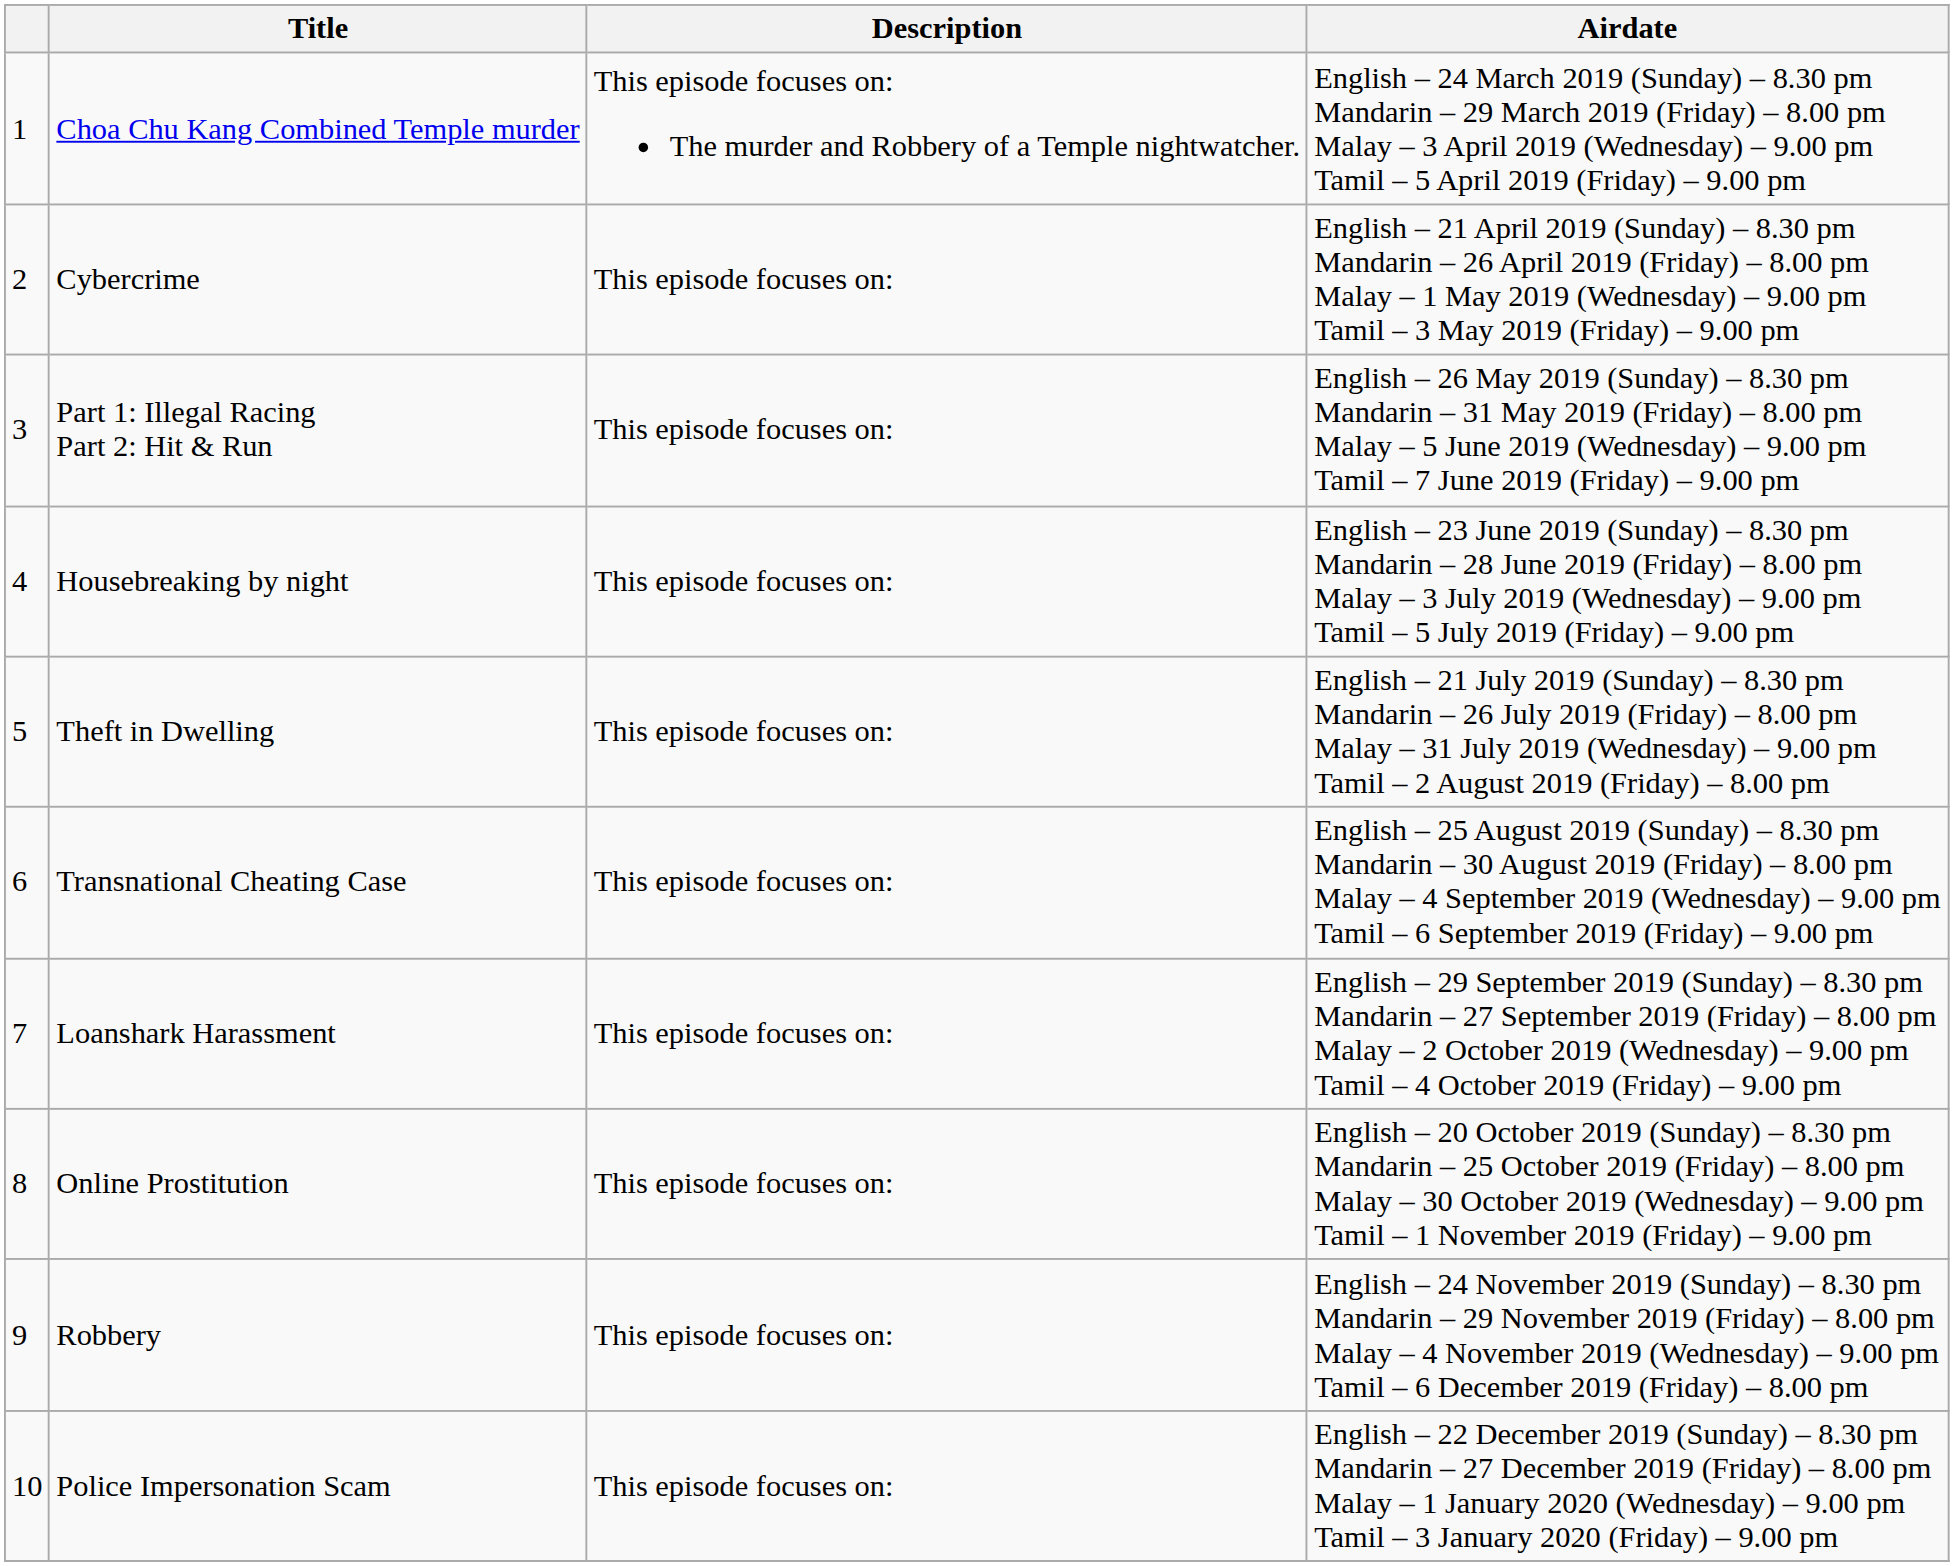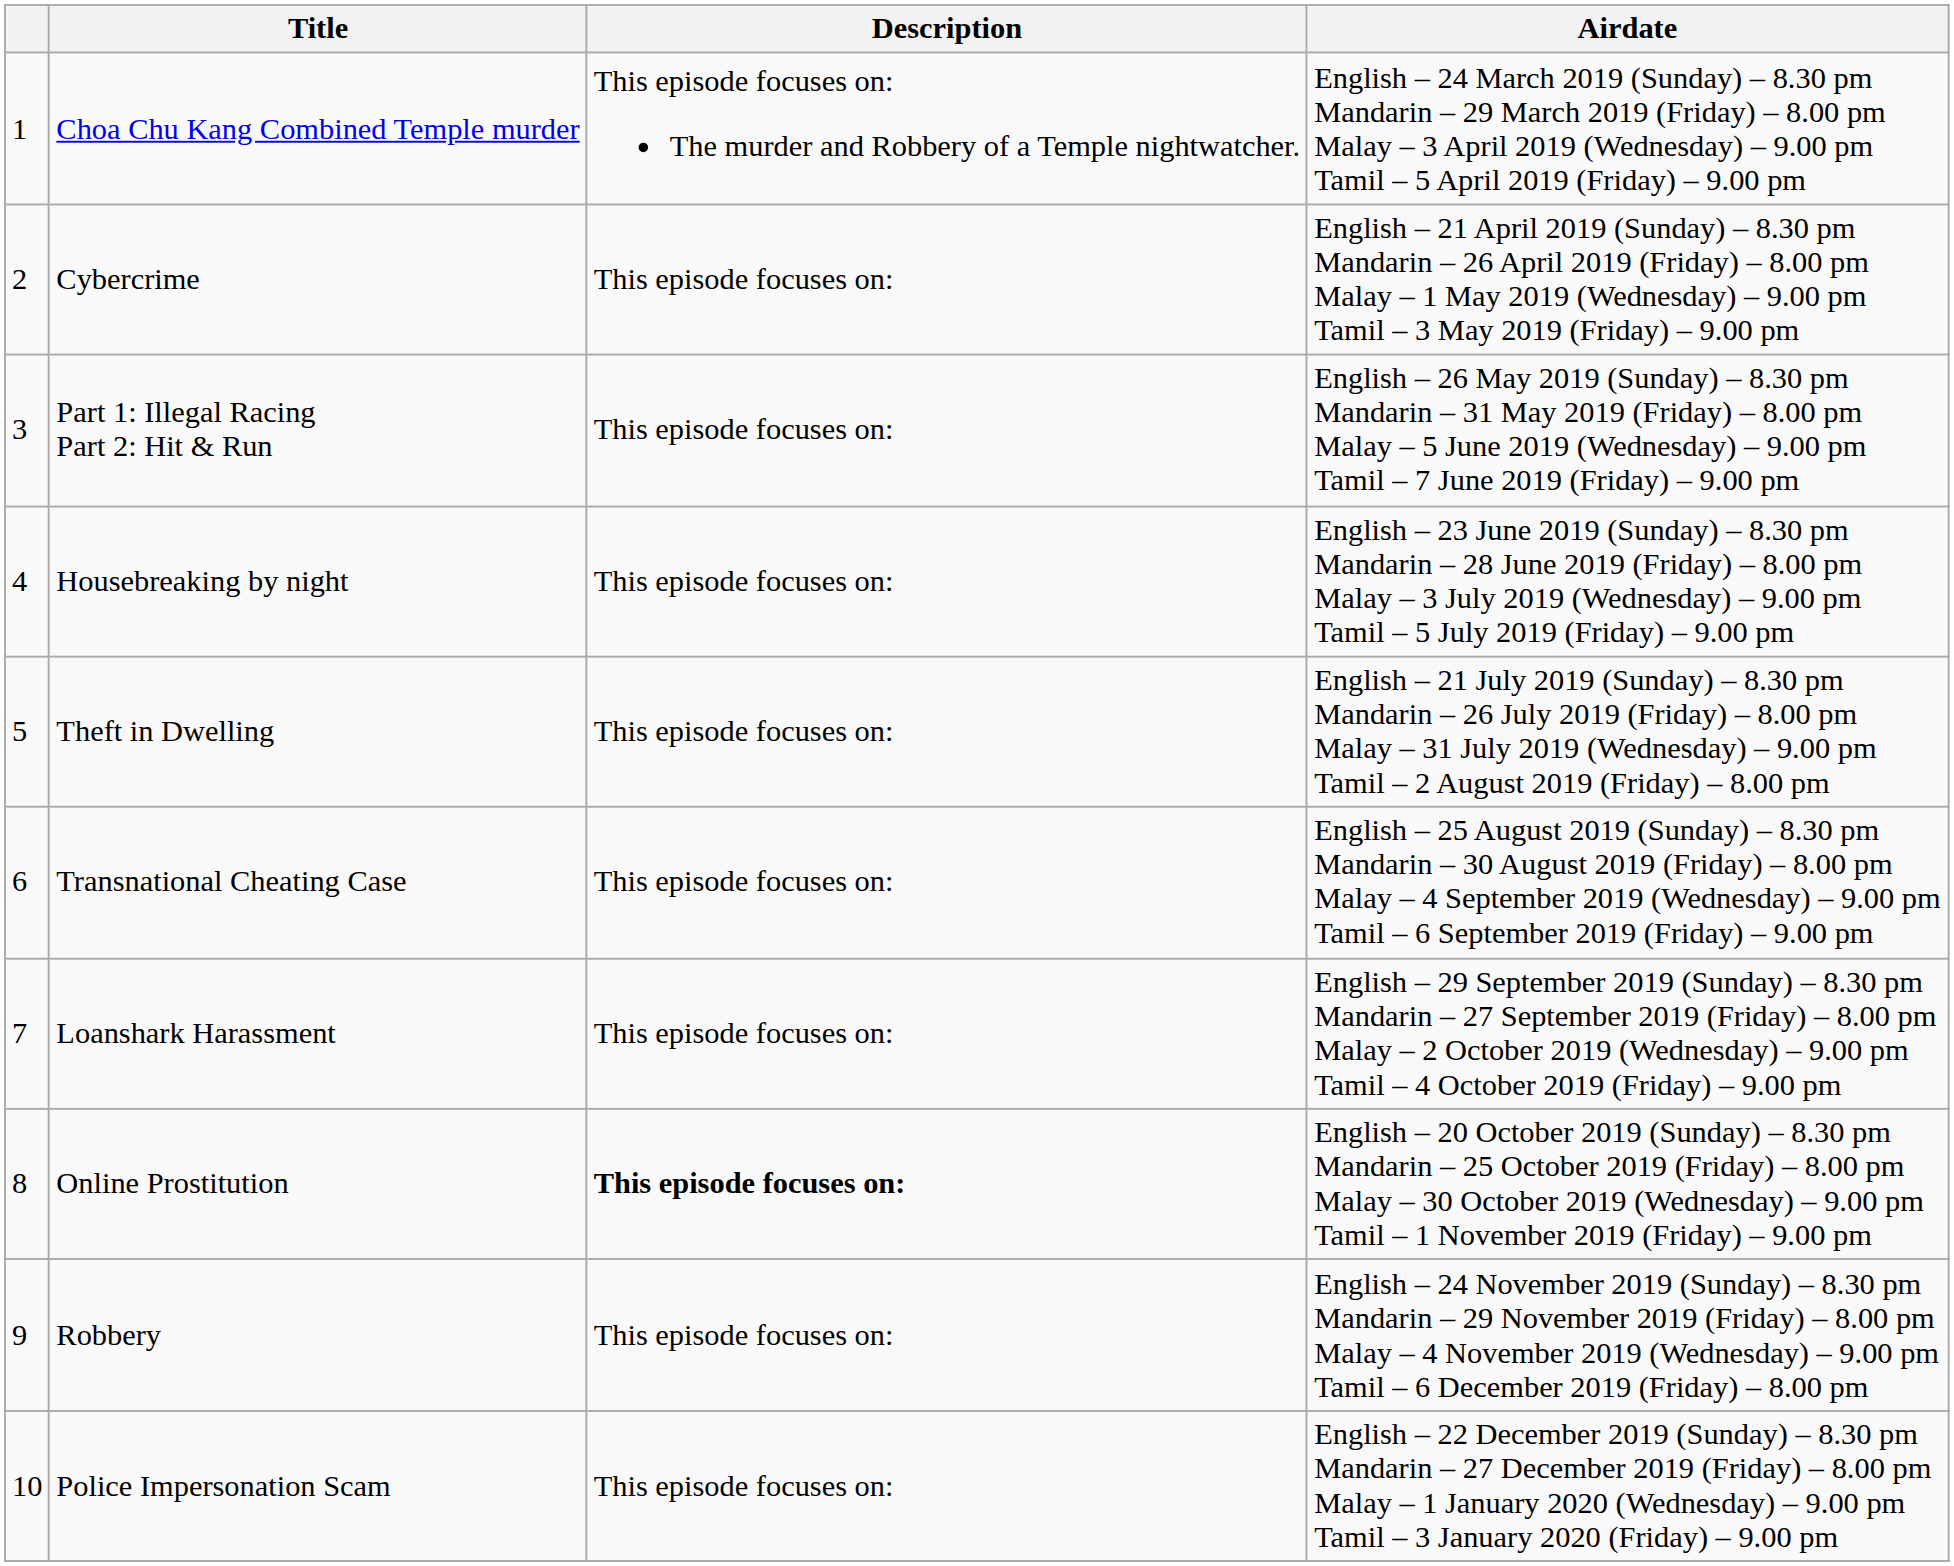 <table class="wikitable">
 <tr>
 <th></th>
 <th>Title</th>
 <th>Description</th>
 <th>Airdate</th>
 </tr>
 <tr To be confirmed>
 <td>1</td>
 <td><a href='#'>Choa Chu Kang Combined Temple murder</a></td>
 <td>This episode focuses on:<br><ul><li>The murder and Robbery of a Temple nightwatcher.</li></ul></td>
 <td>English – 24 March 2019 (Sunday) – 8.30 pm<br>Mandarin – 29 March 2019 (Friday) – 8.00 pm <br>Malay – 3 April 2019 (Wednesday) – 9.00 pm <br>Tamil – 5 April 2019 (Friday) – 9.00 pm</td>
 </tr>
 <tr>
 <td>2</td>
 <td>Cybercrime</td>
 <td>This episode focuses on:</td>
 <td>English – 21 April 2019 (Sunday) – 8.30 pm<br>Mandarin – 26 April 2019 (Friday) – 8.00 pm <br>Malay – 1 May 2019 (Wednesday) – 9.00 pm <br>Tamil – 3 May 2019 (Friday) – 9.00 pm</td>
 </tr>
 <tr>
 <td>3</td>
 <td>Part 1: Illegal Racing <br> Part 2: Hit & Run</td>
 <td>This episode focuses on:</td>
 <td>English – 26 May 2019 (Sunday) – 8.30 pm<br>Mandarin – 31 May 2019 (Friday) – 8.00 pm <br>Malay – 5 June 2019 (Wednesday) – 9.00 pm <br>Tamil – 7 June 2019 (Friday) – 9.00 pm</td>
 </tr>
 <tr>
 <td>4</td>
 <td>Housebreaking by night</td>
 <td>This episode focuses on:</td>
 <td>English – 23 June 2019 (Sunday) – 8.30 pm<br>Mandarin – 28 June 2019 (Friday) – 8.00 pm <br>Malay – 3 July 2019 (Wednesday) – 9.00 pm <br>Tamil – 5 July 2019 (Friday) – 9.00 pm</td>
 </tr>
 <tr>
 <td>5</td>
 <td>Theft in Dwelling</td>
 <td>This episode focuses on:</td>
 <td>English – 21 July 2019 (Sunday) – 8.30 pm<br>Mandarin – 26 July 2019 (Friday) – 8.00 pm <br>Malay – 31 July 2019 (Wednesday) – 9.00 pm <br>Tamil – 2 August 2019 (Friday) – 8.00 pm</td>
 </tr>
 <tr>
 <td>6</td>
 <td>Transnational Cheating Case</td>
 <td>This episode focuses on:</td>
 <td>English – 25 August 2019 (Sunday) – 8.30 pm<br>Mandarin – 30 August 2019 (Friday) – 8.00 pm <br>Malay – 4 September 2019 (Wednesday) – 9.00 pm <br>Tamil – 6 September 2019 (Friday) – 9.00 pm</td>
 </tr>
 <tr>
 <td>7</td>
 <td>Loanshark Harassment</td>
 <td>This episode focuses on:</td>
 <td>English – 29 September 2019 (Sunday) – 8.30 pm<br>Mandarin – 27 September 2019 (Friday) – 8.00 pm <br>Malay – 2 October 2019 (Wednesday) – 9.00 pm <br>Tamil – 4 October 2019 (Friday) – 9.00 pm</td>
 </tr>
 <tr>
 <td>8</td>
 <td>Online Prostitution</td>
-<td>This episode focuses on:</td>
+<td><strong>This episode focuses on:</strong></td>
 <td>English – 20 October 2019 (Sunday) – 8.30 pm<br>Mandarin – 25 October 2019 (Friday) – 8.00 pm <br>Malay – 30 October 2019 (Wednesday) – 9.00 pm <br>Tamil – 1 November 2019 (Friday) – 9.00 pm</td>
 </tr>
 <tr>
 <td>9</td>
 <td>Robbery</td>
 <td>This episode focuses on:</td>
 <td>English – 24 November 2019 (Sunday) – 8.30 pm<br>Mandarin – 29 November 2019 (Friday) – 8.00 pm <br>Malay – 4 November 2019 (Wednesday) – 9.00 pm <br>Tamil – 6 December 2019 (Friday) – 8.00 pm</td>
 </tr>
 <tr>
 <td>10</td>
 <td>Police Impersonation Scam</td>
 <td>This episode focuses on:</td>
 <td>English – 22 December 2019 (Sunday) – 8.30 pm<br>Mandarin – 27 December 2019 (Friday) – 8.00 pm <br>Malay – 1 January 2020 (Wednesday) – 9.00 pm <br>Tamil – 3 January 2020 (Friday) – 9.00 pm</td>
 </tr>
 <tr>
 </tr>
 </table>
